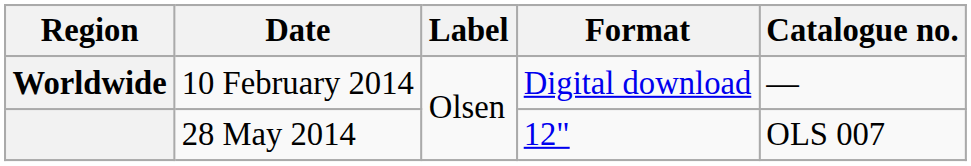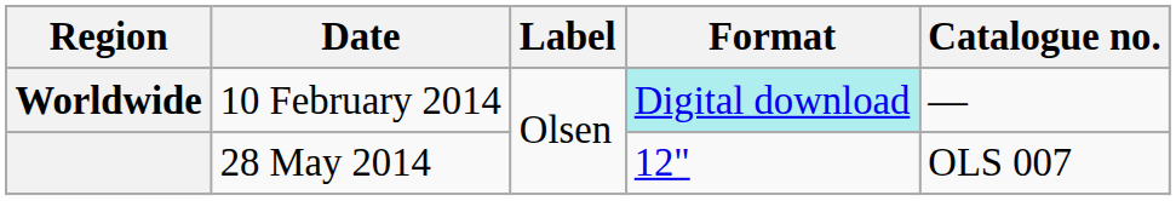 <table class="wikitable">
 <tr>
 <th scope="col">Region</th>
 <th scope="col">Date</th>
 <th scope="col">Label</th>
 <th scope="col">Format</th>
 <th scope="col">Catalogue no.</th>
 </tr>
 <tr>
 <th scope="row">Worldwide</th>
 <td>10 February 2014</td>
 <td rowspan="2">Olsen</td>
-<td><a href='#'>Digital download</a></td>
+<td style="background: paleturquoise;"><a href='#'>Digital download</a></td>
 <td>—</td>
 </tr>
 <tr>
 <th scope="row"></th>
 <td>28 May 2014</td>
 <td><a href='#'>12"</a></td>
 <td>OLS 007</td>
 </tr>
 </table>
